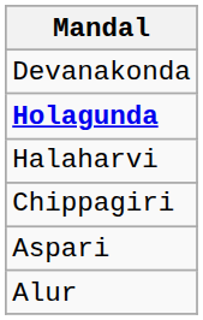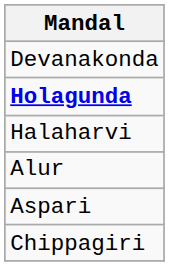 <table class="wikitable sortable static-row-numbers static-row-header-hash">
 <tr>
 <th>Mandal</th>
 </tr>
 <tr>
 <td>Devanakonda</td>
 </tr>
 <tr>
 <td><strong><a href='#'>Holagunda</a></strong></td>
 </tr>
 <tr>
 <td>Halaharvi</td>
 </tr>
 <tr>
-<td>Chippagiri</td>
+<td>Alur</td>
 </tr>
 <tr>
 <td>Aspari</td>
 </tr>
 <tr>
-<td>Alur</td>
+<td>Chippagiri</td>
 </tr>
 </table>
